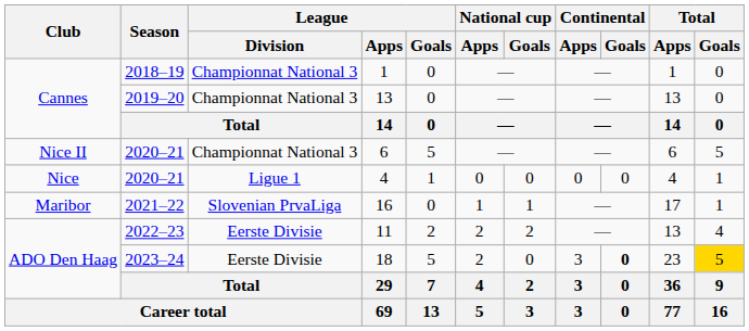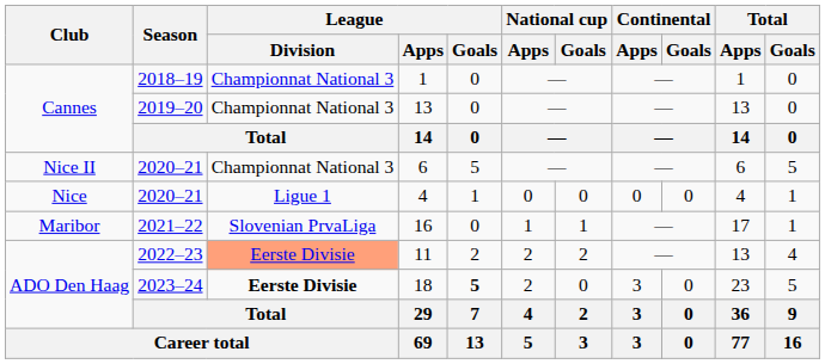 <table class="wikitable" style="text-align:center">
 <tr>
 <th rowspan="2">Club</th>
 <th rowspan="2">Season</th>
 <th colspan="3">League</th>
 <th colspan="2">National cup</th>
 <th colspan="2">Continental</th>
 <th colspan="2">Total</th>
 </tr>
 <tr>
 <th>Division</th>
 <th>Apps</th>
 <th>Goals</th>
 <th>Apps</th>
 <th>Goals</th>
 <th>Apps</th>
 <th>Goals</th>
 <th>Apps</th>
 <th>Goals</th>
 </tr>
 <tr>
 <td rowspan="3"><a href='#'>Cannes</a></td>
 <td><a href='#'>2018–19</a></td>
 <td><a href='#'>Championnat National 3</a></td>
 <td>1</td>
 <td>0</td>
 <td colspan="2">—</td>
 <td colspan="2">—</td>
 <td>1</td>
 <td>0</td>
 </tr>
 <tr>
 <td><a href='#'>2019–20</a></td>
 <td>Championnat National 3</td>
 <td>13</td>
 <td>0</td>
 <td colspan="2">—</td>
 <td colspan="2">—</td>
 <td>13</td>
 <td>0</td>
 </tr>
 <tr>
 <th colspan="2">Total</th>
 <th>14</th>
 <th>0</th>
 <th colspan="2">—</th>
 <th colspan="2">—</th>
 <th>14</th>
 <th>0</th>
 </tr>
 <tr>
 <td><a href='#'>Nice II</a></td>
 <td><a href='#'>2020–21</a></td>
 <td>Championnat National 3</td>
 <td>6</td>
 <td>5</td>
 <td colspan="2">—</td>
 <td colspan="2">—</td>
 <td>6</td>
 <td>5</td>
 </tr>
 <tr>
 <td><a href='#'>Nice</a></td>
 <td><a href='#'>2020–21</a></td>
 <td><a href='#'>Ligue 1</a></td>
 <td>4</td>
 <td>1</td>
 <td>0</td>
 <td>0</td>
 <td>0</td>
 <td>0</td>
 <td>4</td>
 <td>1</td>
 </tr>
 <tr>
 <td><a href='#'>Maribor</a></td>
 <td><a href='#'>2021–22</a></td>
 <td><a href='#'>Slovenian PrvaLiga</a></td>
 <td>16</td>
 <td>0</td>
 <td>1</td>
 <td>1</td>
 <td colspan="2">—</td>
 <td>17</td>
 <td>1</td>
 </tr>
 <tr>
 <td rowspan="3"><a href='#'>ADO Den Haag</a></td>
 <td><a href='#'>2022–23</a></td>
-<td><a href='#'>Eerste Divisie</a></td>
+<td style="background: lightsalmon;"><a href='#'>Eerste Divisie</a></td>
 <td>11</td>
 <td>2</td>
 <td>2</td>
 <td>2</td>
 <td colspan="2">—</td>
 <td>13</td>
 <td>4</td>
 </tr>
 <tr>
 <td><a href='#'>2023–24</a></td>
-<td>Eerste Divisie</td>
+<td><strong>Eerste Divisie</strong></td>
 <td>18</td>
-<td>5</td>
+<td><strong>5</strong></td>
 <td>2</td>
 <td>0</td>
 <td>3</td>
-<td><strong>0</strong></td>
+<td>0</td>
 <td>23</td>
-<td style="background: gold;">5</td>
+<td>5</td>
 </tr>
 <tr>
 <th colspan="2">Total</th>
 <th>29</th>
 <th>7</th>
 <th>4</th>
 <th>2</th>
 <th>3</th>
 <th>0</th>
 <th>36</th>
 <th>9</th>
 </tr>
 <tr>
 <th colspan="3">Career total</th>
 <th>69</th>
 <th>13</th>
 <th>5</th>
 <th>3</th>
 <th>3</th>
 <th>0</th>
 <th>77</th>
 <th>16</th>
 </tr>
 </table>
